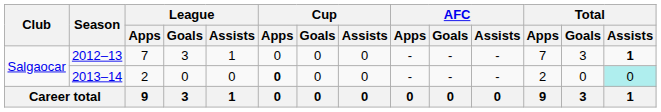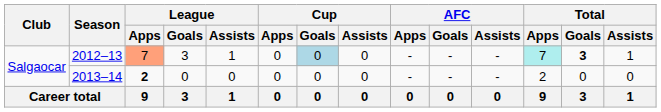 <table class="wikitable" style="font-size:90%; text-align:center;">
 <tr>
 <th rowspan="2">Club</th>
 <th rowspan="2">Season</th>
 <th colspan="3">League</th>
 <th colspan="3">Cup</th>
 <th colspan="3"><a href='#'>AFC</a></th>
 <th colspan="3">Total</th>
 </tr>
 <tr>
 <th>Apps</th>
 <th>Goals</th>
 <th>Assists</th>
 <th>Apps</th>
 <th>Goals</th>
 <th>Assists</th>
 <th>Apps</th>
 <th>Goals</th>
 <th>Assists</th>
 <th>Apps</th>
 <th>Goals</th>
 <th>Assists</th>
 </tr>
 <tr>
 <td rowspan="2"><a href='#'>Salgaocar</a></td>
 <td><a href='#'>2012–13</a></td>
-<td>7</td>
+<td style="background: lightsalmon;">7</td>
 <td>3</td>
 <td>1</td>
 <td>0</td>
-<td>0</td>
+<td style="background: lightblue;">0</td>
 <td>0</td>
 <td>-</td>
 <td>-</td>
 <td>-</td>
-<td>7</td>
-<td>3</td>
-<td><strong>1</strong></td>
+<td style="background: paleturquoise;">7</td>
+<td><strong>3</strong></td>
+<td>1</td>
 </tr>
 <tr>
 <td><a href='#'>2013–14</a></td>
-<td>2</td>
+<td><strong>2</strong></td>
 <td>0</td>
 <td>0</td>
-<td><strong>0</strong></td>
+<td>0</td>
 <td>0</td>
 <td>0</td>
 <td>-</td>
 <td>-</td>
 <td>-</td>
 <td>2</td>
 <td>0</td>
-<td style="background: paleturquoise;">0</td>
+<td>0</td>
 </tr>
 <tr>
 <th colspan="2">Career total</th>
 <th>9</th>
 <th>3</th>
 <th>1</th>
 <th>0</th>
 <th>0</th>
 <th>0</th>
 <th>0</th>
 <th>0</th>
 <th>0</th>
 <th>9</th>
 <th>3</th>
 <th>1</th>
 </tr>
 </table>
